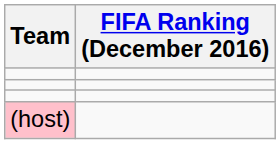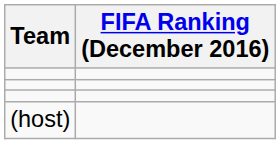 <table class="wikitable sortable" style="text-align: left;">
 <tr>
 <th>Team</th>
 <th><a href='#'>FIFA Ranking</a><br>(December 2016)</th>
 </tr>
 <tr>
 <td></td>
 <td></td>
 </tr>
 <tr>
 <td></td>
 <td></td>
 </tr>
 <tr>
 <td></td>
 <td></td>
 </tr>
 <tr>
-<td style="background: pink;"> (host)</td>
+<td> (host)</td>
 <td></td>
 </tr>
 </table>
